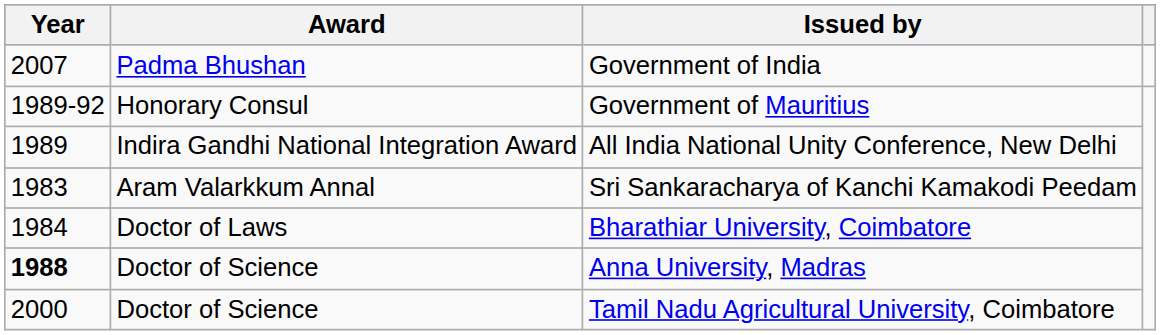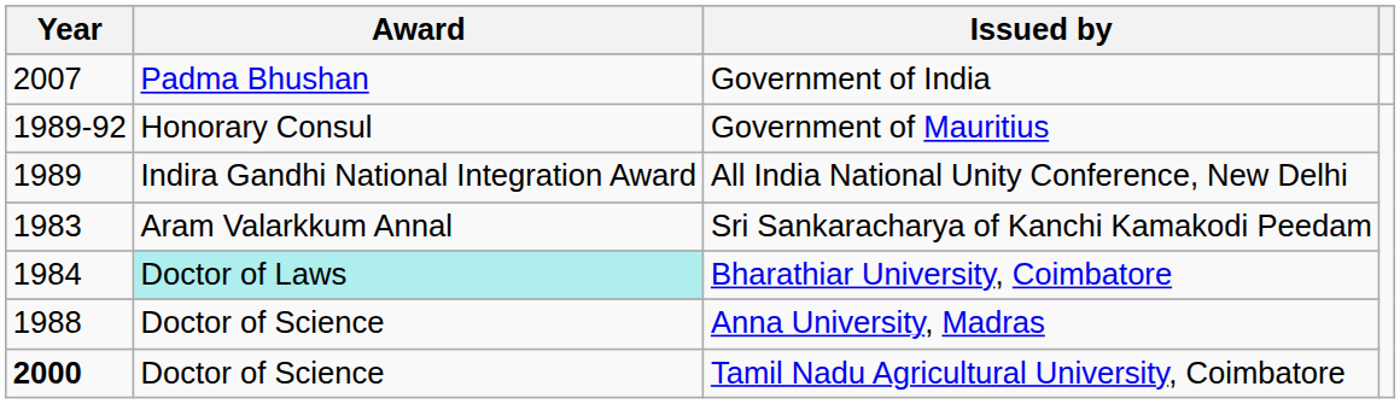 <table class="wikitable">
 <tr style="background:#B0C4DE;">
 <th scope="col">Year</th>
 <th scope="col">Award</th>
 <th scope="col">Issued by</th>
 <th scope="col" class="unsortable"></th>
 </tr>
 <tr>
 <td>2007</td>
 <td><a href='#'>Padma Bhushan</a></td>
 <td>Government of India</td>
 <td></td>
 </tr>
 <tr>
 <td>1989-92</td>
 <td>Honorary Consul</td>
 <td>Government of <a href='#'>Mauritius</a></td>
 <td rowspan="6"></td>
 </tr>
 <tr>
 <td>1989</td>
 <td>Indira Gandhi National Integration Award</td>
 <td>All India National Unity Conference, New Delhi</td>
 </tr>
 <tr>
 <td>1983</td>
 <td>Aram Valarkkum Annal</td>
 <td>Sri Sankaracharya of Kanchi Kamakodi Peedam</td>
 </tr>
 <tr>
 <td>1984</td>
-<td>Doctor of Laws</td>
+<td style="background: paleturquoise;">Doctor of Laws</td>
 <td><a href='#'>Bharathiar University</a>, <a href='#'>Coimbatore </a></td>
 </tr>
 <tr>
-<td><strong>1988</strong></td>
+<td>1988</td>
 <td>Doctor of Science</td>
 <td><a href='#'>Anna University</a>, <a href='#'>Madras </a></td>
 </tr>
 <tr>
-<td>2000</td>
+<td><strong>2000</strong></td>
 <td>Doctor of Science</td>
 <td><a href='#'>Tamil Nadu Agricultural University</a>, Coimbatore</td>
 </tr>
 </table>
